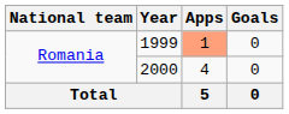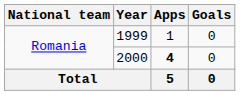 <table class="wikitable" style="text-align:center">
 <tr>
 <th>National team</th>
 <th>Year</th>
 <th>Apps</th>
 <th>Goals</th>
 </tr>
 <tr>
 <td rowspan="2"><a href='#'>Romania</a></td>
 <td>1999</td>
-<td style="background: lightsalmon;">1</td>
+<td>1</td>
 <td>0</td>
 </tr>
 <tr>
 <td>2000</td>
-<td>4</td>
+<td><strong>4</strong></td>
 <td>0</td>
 </tr>
 <tr>
 <th colspan="2">Total</th>
 <th>5</th>
 <th>0</th>
 </tr>
 </table>
